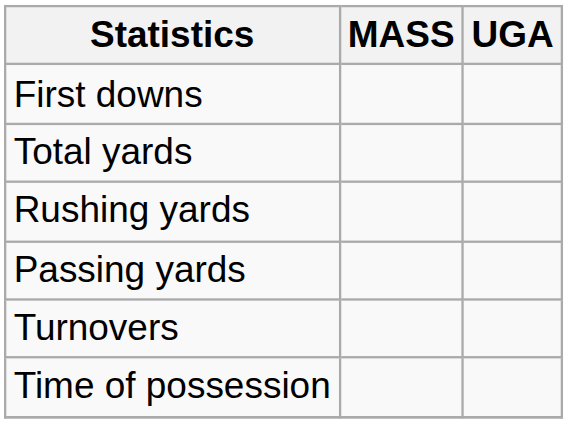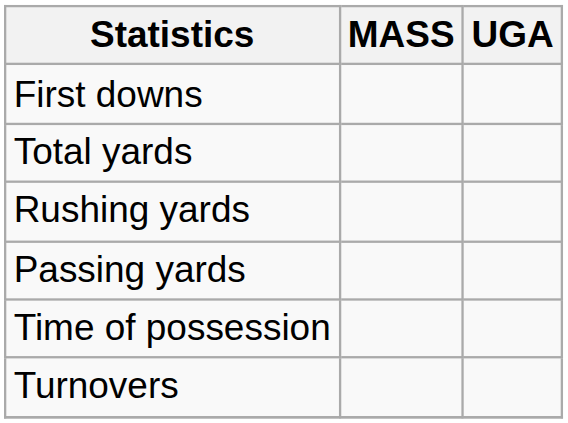 <table class="wikitable" style="float: left;">
 <tr>
 <th>Statistics</th>
 <th>MASS</th>
 <th>UGA</th>
 </tr>
 <tr>
 <td>First downs</td>
 <td></td>
 <td></td>
 </tr>
 <tr>
 <td>Total yards</td>
 <td></td>
 <td></td>
 </tr>
 <tr>
 <td>Rushing yards</td>
 <td></td>
 <td></td>
 </tr>
 <tr>
 <td>Passing yards</td>
 <td></td>
 <td></td>
 </tr>
 <tr>
-<td>Turnovers</td>
+<td>Time of possession</td>
 <td></td>
 <td></td>
 </tr>
 <tr>
-<td>Time of possession</td>
+<td>Turnovers</td>
 <td></td>
 <td></td>
 </tr>
 <tr>
 </tr>
 </table>
